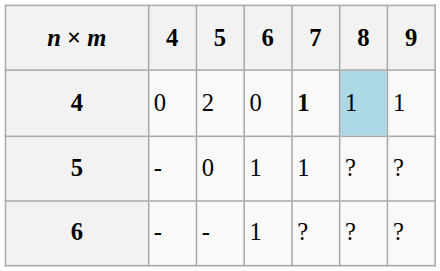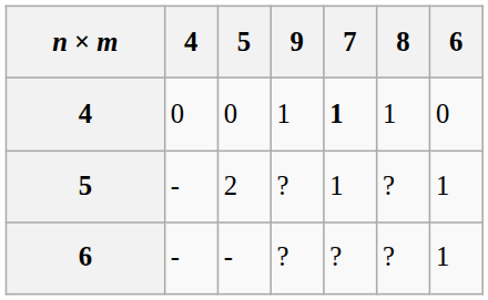 <table class="wikitable" align="right" style="width:280px; height:170px" border="1">
 <tr>
 <th><em>n</em> × <em>m</em></th>
 <th>4</th>
 <th>5</th>
-<th>6</th>
+<th>9</th>
 <th>7</th>
 <th>8</th>
-<th>9</th>
+<th>6</th>
 </tr>
 <tr>
 <th>4</th>
 <td>0</td>
-<td>2</td>
 <td>0</td>
+<td>1</td>
 <td><strong>1</strong></td>
-<td style="background: lightblue;">1</td>
 <td>1</td>
+<td>0</td>
 </tr>
 <tr>
 <th>5</th>
 <td>-</td>
-<td>0</td>
-<td>1</td>
+<td>2</td>
+<td>?</td>
 <td>1</td>
 <td>?</td>
-<td>?</td>
+<td>1</td>
 </tr>
 <tr>
 <th>6</th>
 <td>-</td>
 <td>-</td>
-<td>1</td>
 <td>?</td>
 <td>?</td>
 <td>?</td>
+<td>1</td>
 </tr>
 </table>
